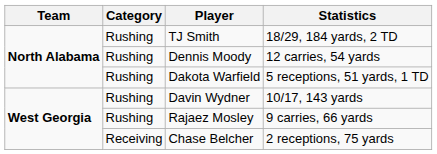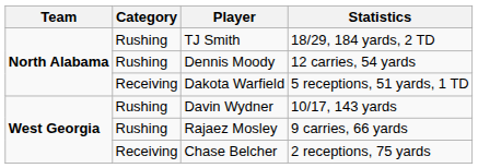 <table class="wikitable" style="float: right;">
 <tr>
 <th>Team</th>
 <th>Category</th>
 <th>Player</th>
 <th>Statistics</th>
 </tr>
 <tr>
 <td rowspan=3><strong>North Alabama</strong></td>
 <td>Rushing</td>
 <td>TJ Smith</td>
 <td>18/29, 184 yards, 2 TD</td>
 </tr>
 <tr>
 <td>Rushing</td>
 <td>Dennis Moody</td>
 <td>12 carries, 54 yards</td>
 </tr>
 <tr>
-<td>Rushing</td>
+<td>Receiving</td>
 <td>Dakota Warfield</td>
 <td>5 receptions, 51 yards, 1 TD</td>
 </tr>
 <tr>
 <td rowspan=3><strong>West Georgia</strong></td>
 <td>Rushing</td>
 <td>Davin Wydner</td>
 <td>10/17, 143 yards</td>
 </tr>
 <tr>
 <td>Rushing</td>
 <td>Rajaez Mosley</td>
 <td>9 carries, 66 yards</td>
 </tr>
 <tr>
 <td>Receiving</td>
 <td>Chase Belcher</td>
 <td>2 receptions, 75 yards</td>
 </tr>
 </table>
